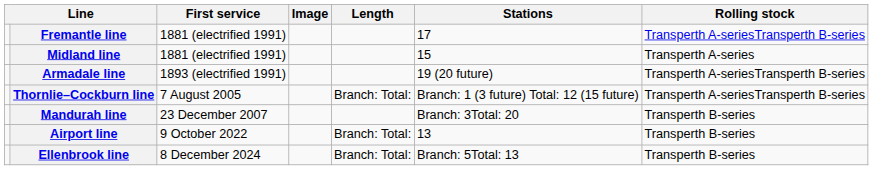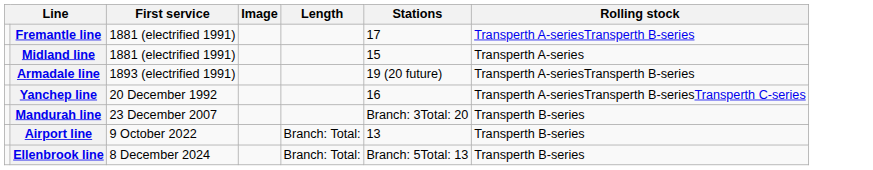 <table class="wikitable">
 <tr>
 <th colspan="2">Line</th>
 <th>First service</th>
 <th>Image</th>
 <th>Length</th>
 <th>Stations</th>
 <th>Rolling stock</th>
 </tr>
 <tr>
 <td style="background-color:#"></td>
 <th><a href='#'>Fremantle line</a></th>
 <td>1881 (electrified 1991)</td>
 <td></td>
 <td></td>
 <td>17</td>
 <td><a href='#'>Transperth A-series</a><a href='#'>Transperth B-series</a></td>
 </tr>
 <tr>
 <td style="background-color:#"></td>
 <th><a href='#'>Midland line</a></th>
 <td>1881 (electrified 1991)</td>
 <td></td>
 <td></td>
 <td>15</td>
 <td>Transperth A-series</td>
 </tr>
 <tr>
 <td style="background-color:#"></td>
 <th><a href='#'>Armadale line</a></th>
 <td>1893 (electrified 1991)</td>
 <td></td>
 <td></td>
 <td>19 (20 future)</td>
 <td>Transperth A-seriesTransperth B-series</td>
 </tr>
 <tr>
 <td style="background-color:#"></td>
-<th><a href='#'>Thornlie–Cockburn line</a></th>
-<td>7 August 2005</td>
+<th><a href='#'>Yanchep line</a></th>
+<td>20 December 1992</td>
 <td></td>
-<td>Branch: Total: </td>
-<td>Branch: 1 (3 future) Total: 12 (15 future)</td>
-<td>Transperth A-seriesTransperth B-series</td>
+<td></td>
+<td>16</td>
+<td>Transperth A-seriesTransperth B-series<a href='#'>Transperth C-series</a></td>
 </tr>
 <tr>
 <td style="background-color:#"></td>
 <th><a href='#'>Mandurah line</a></th>
 <td>23 December 2007</td>
 <td></td>
 <td></td>
 <td>Branch: 3Total: 20</td>
 <td>Transperth B-series</td>
 </tr>
 <tr>
 <td style="background-color:#"></td>
 <th><a href='#'>Airport line</a></th>
 <td>9 October 2022</td>
 <td></td>
 <td>Branch: Total: </td>
 <td>13</td>
 <td>Transperth B-series</td>
 </tr>
 <tr>
 <td style="background-color:#"></td>
 <th><a href='#'>Ellenbrook line</a></th>
 <td>8 December 2024</td>
 <td></td>
 <td>Branch: Total: </td>
 <td>Branch: 5Total: 13</td>
 <td>Transperth B-series</td>
 </tr>
 </table>
